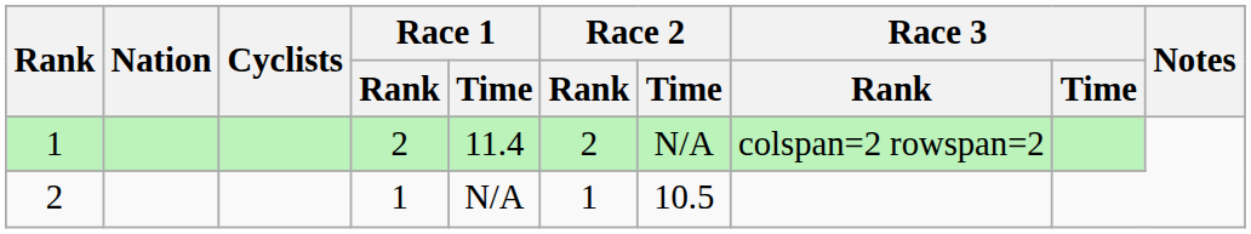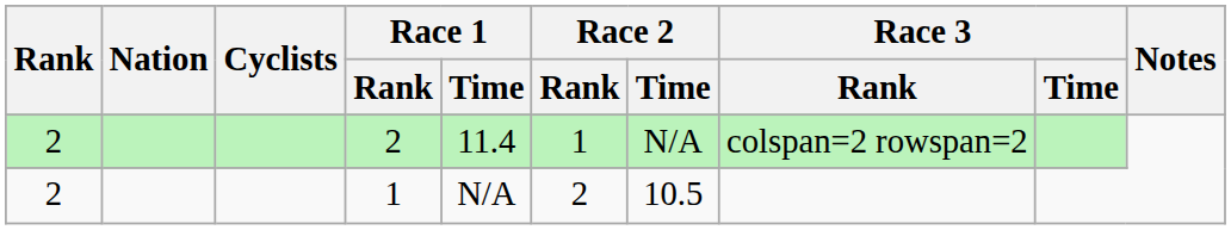 <table class="wikitable sortable" style="text-align:center">
 <tr>
 <th rowspan=2>Rank</th>
 <th rowspan=2>Nation</th>
 <th rowspan=2>Cyclists</th>
 <th colspan=2>Race 1</th>
 <th colspan=2>Race 2</th>
 <th colspan=2>Race 3</th>
 <th rowspan=2>Notes</th>
 </tr>
 <tr>
 <th>Rank</th>
 <th>Time</th>
 <th>Rank</th>
 <th>Time</th>
 <th>Rank</th>
 <th>Time</th>
 </tr>
 <tr bgcolor=bbf3bb>
-<td>1</td>
+<td>2</td>
 <td align=left></td>
 <td align=left></td>
 <td>2</td>
 <td>11.4</td>
-<td>2</td>
+<td>1</td>
 <td>N/A</td>
 <td>colspan=2 rowspan=2 </td>
 <td></td>
 </tr>
 <tr>
 <td>2</td>
 <td align=left></td>
 <td align=left></td>
 <td>1</td>
 <td>N/A</td>
-<td>1</td>
+<td>2</td>
 <td>10.5</td>
 <td></td>
 </tr>
 </table>
